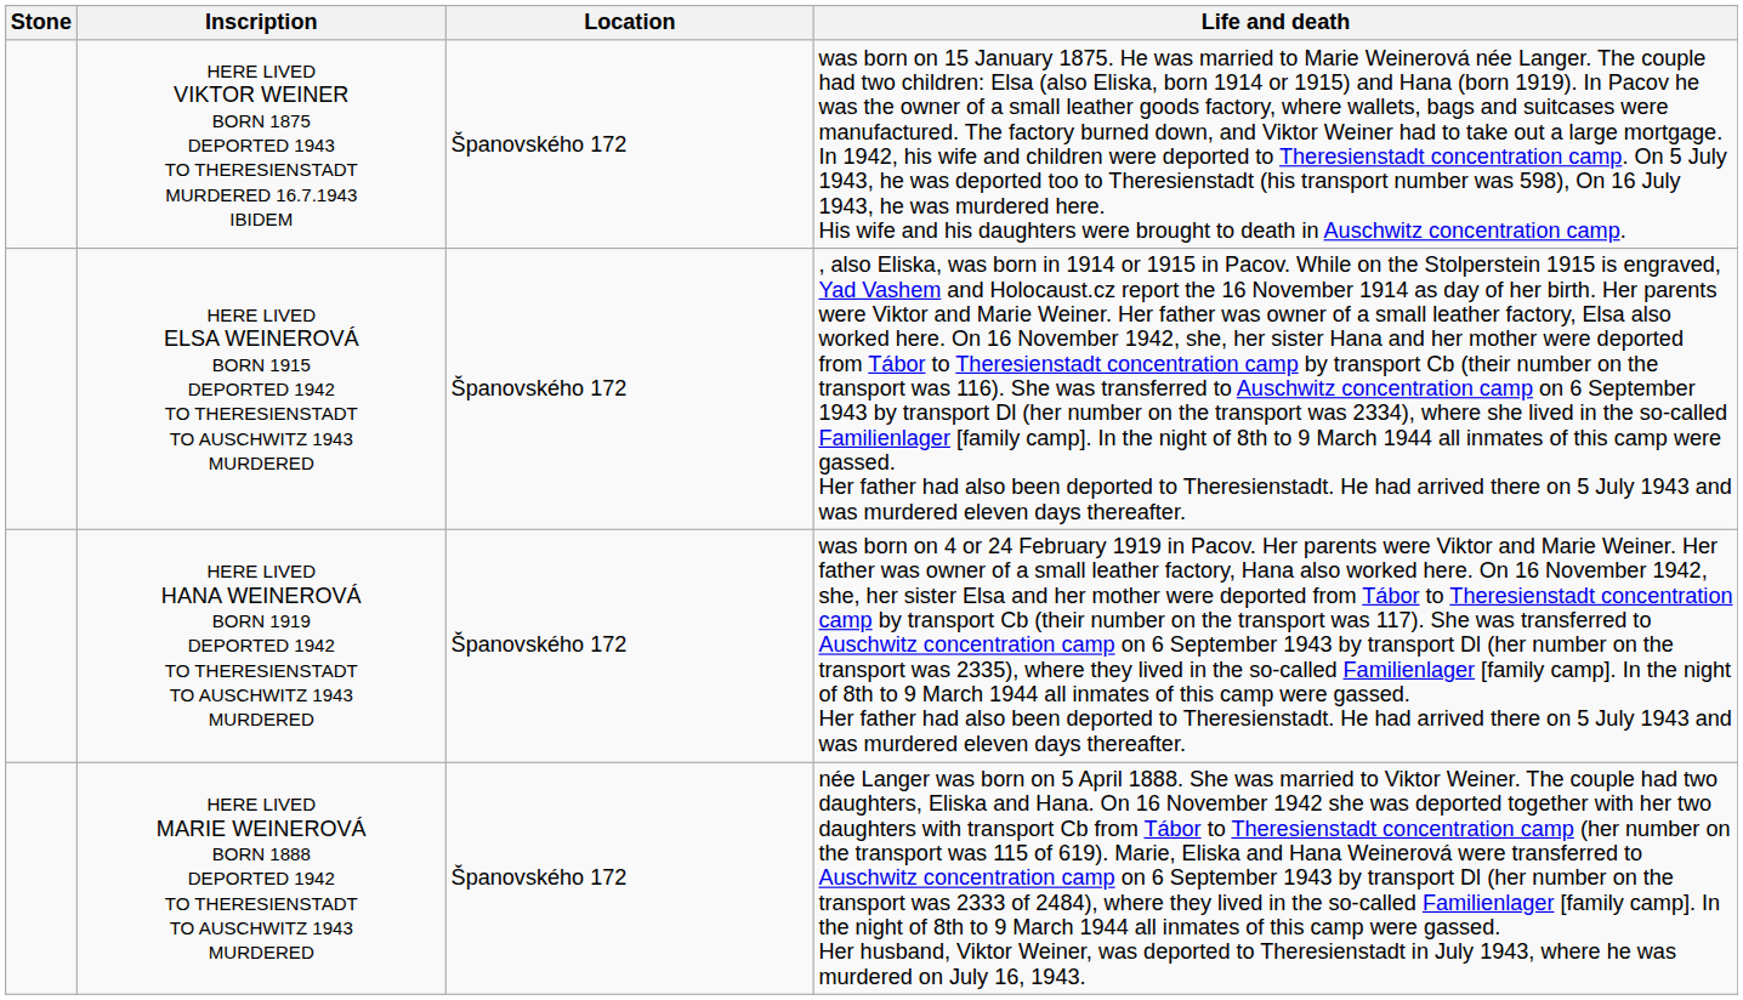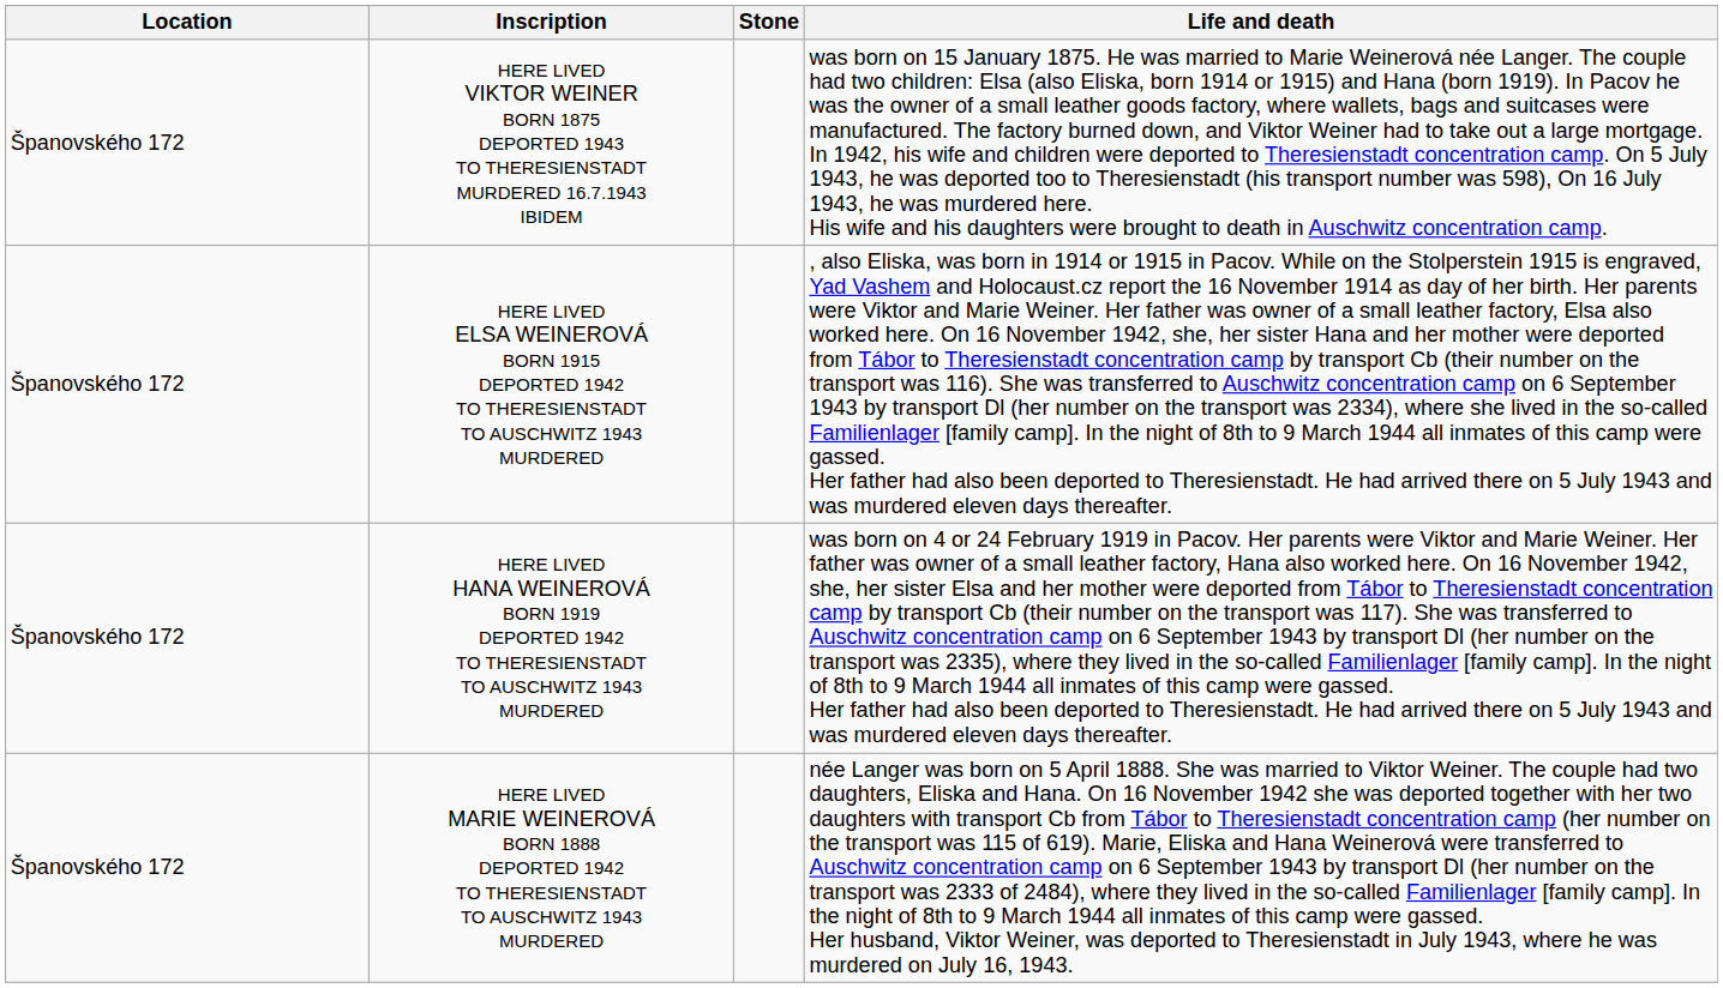 <table class="wikitable sortable toptextcells" style="width:100%">
 <tr>
+<th class="hintergrundfarbe6" data-sort-type="text" style ="width:22%;">Location</th>
+<th class="hintergrundfarbe6 unsortable" style ="width:22%;">Inscription</th>
 <th class="hintergrundfarbe6 unsortable" width="120px">Stone</th>
-<th class="hintergrundfarbe6 unsortable" style ="width:22%;">Inscription</th>
-<th class="hintergrundfarbe6" data-sort-type="text" style ="width:22%;">Location</th>
 <th class="hintergrundfarbe6" style="width:100%;">Life and death</th>
 </tr>
 <tr>
+<td>Španovského 172<br></td>
+<td style="text-align:center"><div><small>HERE LIVED</small><br>VIKTOR WEINER<br><small>BORN 1875<br>DEPORTED 1943<br>TO THERESIENSTADT<br>MURDERED 16.7.1943<br>IBIDEM</small></div></td>
 <td></td>
-<td style="text-align:center"><div><small>HERE LIVED</small><br>VIKTOR WEINER<br><small>BORN 1875<br>DEPORTED 1943<br>TO THERESIENSTADT<br>MURDERED 16.7.1943<br>IBIDEM</small></div></td>
-<td>Španovského 172<br></td>
 <td><strong></strong> was born on 15 January 1875. He was married to Marie Weinerová née Langer. The couple had two children: Elsa (also Eliska, born 1914 or 1915) and Hana (born 1919). In Pacov he was the owner of a small leather goods factory, where wallets, bags and suitcases were manufactured. The factory burned down, and Viktor Weiner had to take out a large mortgage. In 1942, his wife and children were deported to <a href='#'>Theresienstadt concentration camp</a>. On 5 July 1943, he was deported too to Theresienstadt (his transport number was 598),  On 16 July 1943, he was murdered here.<br>His wife and his daughters were brought to death in <a href='#'>Auschwitz concentration camp</a>.</td>
 </tr>
 <tr>
+<td>Španovského 172<br></td>
+<td style="text-align:center"><div><small>HERE LIVED</small><br>ELSA WEINEROVÁ<br><small>BORN 1915<br>DEPORTED 1942<br>TO THERESIENSTADT<br>TO AUSCHWITZ 1943<br>MURDERED</small></div></td>
 <td></td>
-<td style="text-align:center"><div><small>HERE LIVED</small><br>ELSA WEINEROVÁ<br><small>BORN 1915<br>DEPORTED 1942<br>TO THERESIENSTADT<br>TO AUSCHWITZ 1943<br>MURDERED</small></div></td>
-<td>Španovského 172<br></td>
 <td><strong></strong>, also Eliska, was born in 1914 or 1915 in Pacov. While on the Stolperstein 1915 is engraved,  <a href='#'>Yad Vashem</a> and Holocaust.cz report the 16 November 1914 as day of her birth. Her parents were Viktor and Marie Weiner. Her father was owner of a small leather factory, Elsa also worked here. On 16 November 1942, she, her sister Hana and her mother were deported from <a href='#'>Tábor</a> to <a href='#'>Theresienstadt concentration camp</a> by transport Cb (their number on the transport was 116). She was transferred to <a href='#'>Auschwitz concentration camp</a> on 6 September 1943 by transport Dl (her number on the transport was 2334), where she lived in the so-called <a href='#'>Familienlager</a> [family camp]. In the night of 8th to 9 March 1944 all inmates of this camp were gassed.<br>Her father had also been deported to Theresienstadt. He had arrived there on 5 July 1943 and was murdered eleven days thereafter.</td>
 </tr>
 <tr>
+<td>Španovského 172<br></td>
+<td style="text-align:center"><div><small>HERE LIVED</small><br>HANA WEINEROVÁ<br><small>BORN 1919<br>DEPORTED 1942<br>TO THERESIENSTADT<br>TO AUSCHWITZ 1943<br>MURDERED</small></div></td>
 <td></td>
-<td style="text-align:center"><div><small>HERE LIVED</small><br>HANA WEINEROVÁ<br><small>BORN 1919<br>DEPORTED 1942<br>TO THERESIENSTADT<br>TO AUSCHWITZ 1943<br>MURDERED</small></div></td>
-<td>Španovského 172<br></td>
 <td><strong></strong> was born on 4 or 24 February 1919 in Pacov. Her parents were Viktor and Marie Weiner. Her father was owner of a small leather factory, Hana also worked here. On 16 November 1942, she, her sister Elsa and her mother were deported from <a href='#'>Tábor</a> to <a href='#'>Theresienstadt concentration camp</a> by transport Cb (their number on the transport was 117). She was transferred to <a href='#'>Auschwitz concentration camp</a> on 6 September 1943 by transport Dl (her number on the transport was 2335), where they lived in the so-called <a href='#'>Familienlager</a> [family camp]. In the night of 8th to 9 March 1944 all inmates of this camp were gassed.<br>Her father had also been deported to Theresienstadt. He had arrived there on 5 July 1943 and was murdered eleven days thereafter.</td>
 </tr>
 <tr>
+<td>Španovského 172<br></td>
+<td style="text-align:center"><div><small>HERE LIVED</small><br>MARIE WEINEROVÁ<br><small>BORN 1888<br>DEPORTED 1942<br>TO THERESIENSTADT<br>TO AUSCHWITZ 1943<br>MURDERED</small></div></td>
 <td></td>
-<td style="text-align:center"><div><small>HERE LIVED</small><br>MARIE WEINEROVÁ<br><small>BORN 1888<br>DEPORTED 1942<br>TO THERESIENSTADT<br>TO AUSCHWITZ 1943<br>MURDERED</small></div></td>
-<td>Španovského 172<br></td>
 <td><strong></strong> née Langer was born on 5 April 1888. She was married to Viktor Weiner. The couple had two daughters, Eliska and Hana. On 16 November 1942 she was deported together with her two daughters with transport Cb from <a href='#'>Tábor</a> to <a href='#'>Theresienstadt concentration camp</a> (her number on the transport was 115 of 619). Marie, Eliska and Hana Weinerová were transferred to <a href='#'>Auschwitz concentration camp</a> on 6 September 1943 by transport Dl (her number on the transport was 2333 of 2484), where they lived in the so-called <a href='#'>Familienlager</a> [family camp]. In the night of 8th to 9 March 1944 all inmates of this camp were gassed.<br>Her husband, Viktor Weiner, was deported to Theresienstadt in July 1943, where he was murdered on July 16, 1943.</td>
 </tr>
 </table>
